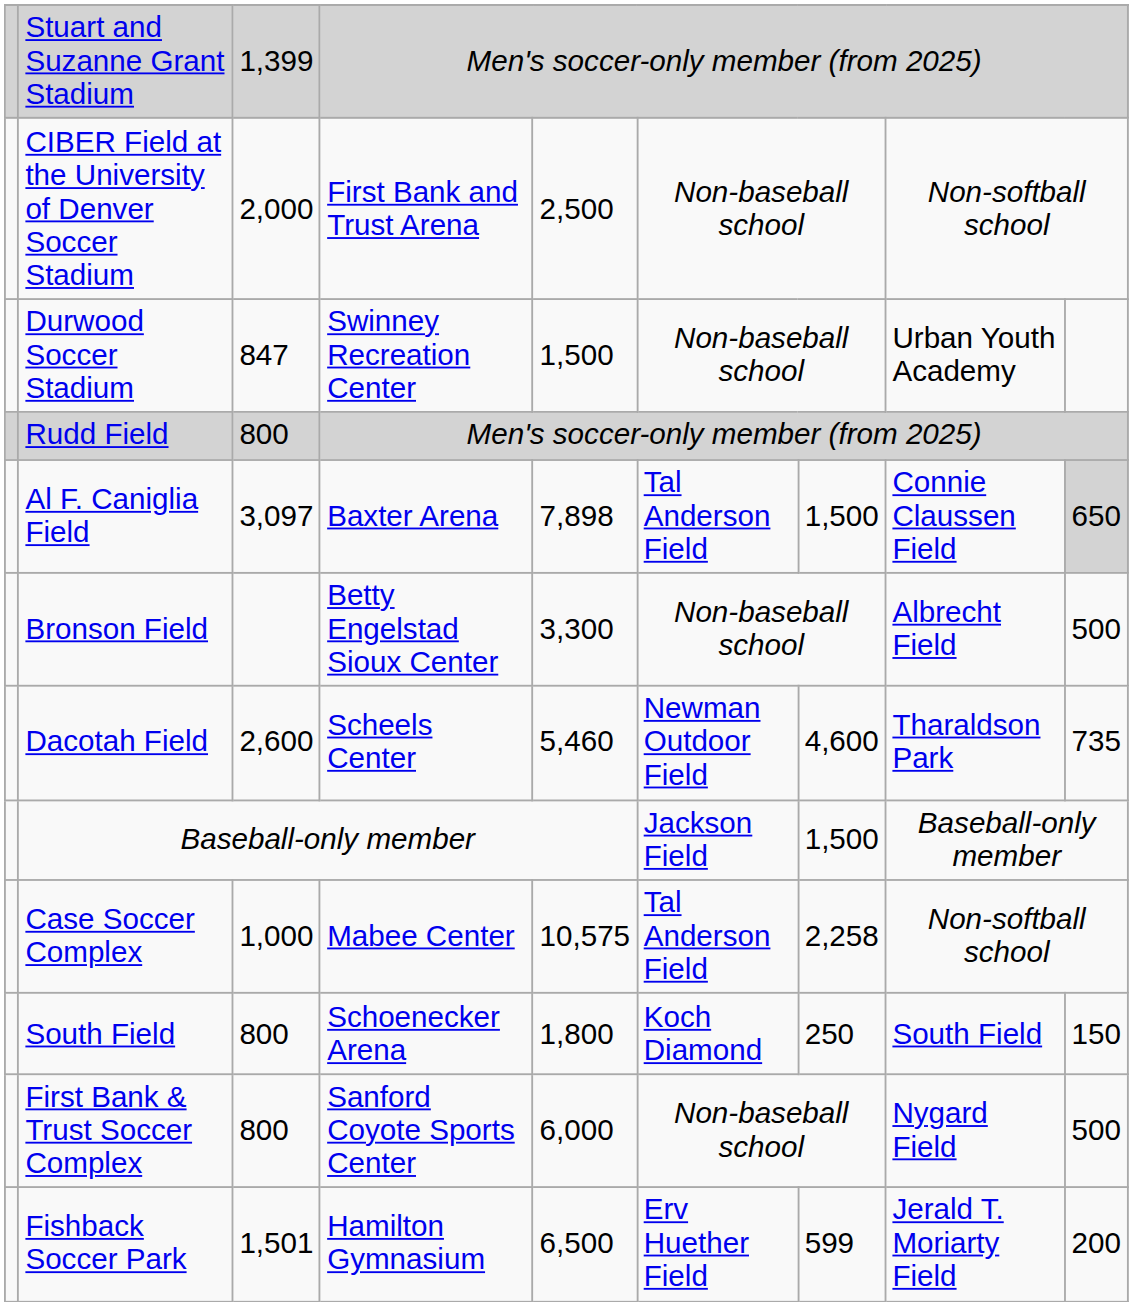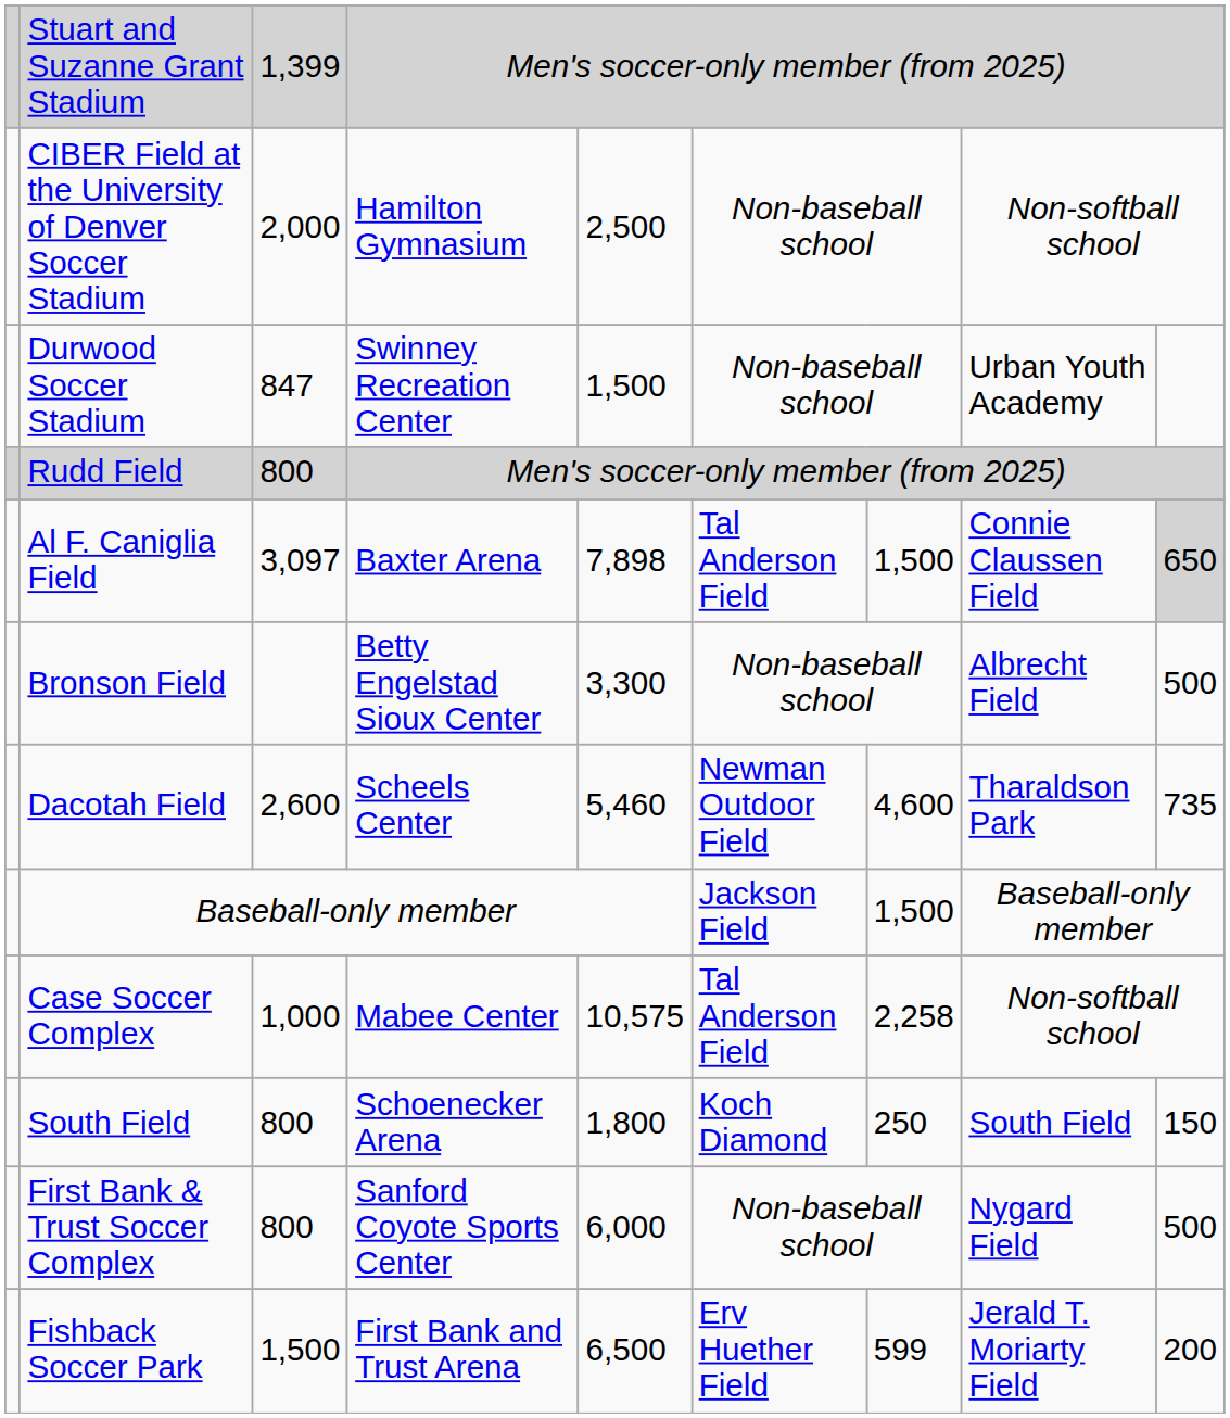 <table class="wikitable sortable">
 <tr>
 </tr>
 <tr bgcolor=lightgray>
 <td style="text-align:center; "><a href='#'></a></td>
 <td><a href='#'>Stuart and Suzanne Grant Stadium</a></td>
 <td>1,399</td>
 <td colspan=6 align=center><em>Men's soccer-only member (from 2025)</em></td>
 </tr>
 <tr>
 <td style="text-align:center; "><a href='#'></a></td>
 <td><a href='#'>CIBER Field at the University of Denver Soccer Stadium</a></td>
 <td>2,000</td>
-<td><a href='#'>First Bank and Trust Arena</a> </td>
+<td><a href='#'>Hamilton Gymnasium</a></td>
 <td>2,500</td>
 <td colspan="2" style="text-align:center;"><em>Non-baseball school</em></td>
 <td colspan="2" style="text-align:center;"><em>Non-softball school</em></td>
 </tr>
 <tr>
 <td style="text-align:center; "><a href='#'></a></td>
 <td><a href='#'>Durwood Soccer Stadium</a></td>
 <td>847</td>
 <td><a href='#'>Swinney Recreation Center</a></td>
 <td>1,500</td>
 <td colspan="2" style="text-align:center;"><em>Non-baseball school</em></td>
 <td>Urban Youth Academy</td>
 <td></td>
 </tr>
 <tr bgcolor=lightgray>
 <td style="text-align:center; "><a href='#'></a></td>
 <td><a href='#'>Rudd Field</a></td>
 <td>800</td>
 <td colspan=6 align=center><em>Men's soccer-only member (from 2025)</em></td>
 </tr>
 <tr>
 <td style="text-align:center; "><a href='#'></a></td>
 <td><a href='#'>Al F. Caniglia Field</a></td>
 <td>3,097</td>
 <td><a href='#'>Baxter Arena</a></td>
 <td>7,898</td>
 <td><a href='#'>Tal Anderson Field</a></td>
 <td>1,500</td>
 <td><a href='#'>Connie Claussen Field</a></td>
 <td style="background: lightgrey;">650</td>
 </tr>
 <tr>
 <td style="text-align:center; "><a href='#'></a></td>
 <td><a href='#'>Bronson Field</a></td>
 <td></td>
 <td><a href='#'>Betty Engelstad Sioux Center</a></td>
 <td>3,300</td>
 <td colspan="2" style="text-align:center;"><em>Non-baseball school</em></td>
 <td><a href='#'>Albrecht Field</a></td>
 <td>500</td>
 </tr>
 <tr>
 <td style="text-align:center; "><a href='#'></a></td>
 <td><a href='#'>Dacotah Field</a></td>
 <td>2,600</td>
 <td><a href='#'>Scheels Center</a></td>
 <td>5,460</td>
 <td><a href='#'>Newman Outdoor Field</a></td>
 <td>4,600</td>
 <td><a href='#'>Tharaldson Park</a></td>
 <td>735</td>
 </tr>
 <tr>
 <td style="text-align:center; "><a href='#'></a></td>
 <td colspan=4 align=center><em>Baseball-only member</em></td>
 <td><a href='#'>Jackson Field</a></td>
 <td>1,500</td>
 <td colspan=2 align=center><em>Baseball-only member</em></td>
 </tr>
 <tr>
 <td style="text-align:center; "><a href='#'></a></td>
 <td><a href='#'>Case Soccer Complex</a></td>
 <td>1,000</td>
 <td><a href='#'>Mabee Center</a></td>
 <td>10,575</td>
 <td><a href='#'>Tal Anderson Field</a></td>
 <td>2,258</td>
 <td colspan="2" style="text-align:center;"><em>Non-softball school</em></td>
 </tr>
 <tr>
 <td style="text-align:center; "><a href='#'></a></td>
 <td><a href='#'>South Field</a></td>
 <td>800</td>
 <td><a href='#'>Schoenecker Arena</a></td>
 <td>1,800</td>
 <td><a href='#'>Koch Diamond</a></td>
 <td>250</td>
 <td><a href='#'>South Field</a></td>
 <td>150</td>
 </tr>
 <tr>
 <td style="text-align:center; "><a href='#'></a></td>
 <td><a href='#'>First Bank & Trust Soccer Complex</a></td>
 <td>800</td>
 <td><a href='#'>Sanford Coyote Sports Center</a></td>
 <td>6,000</td>
 <td colspan="2" style="text-align:center;"><em>Non-baseball school</em></td>
 <td><a href='#'>Nygard Field</a></td>
 <td>500</td>
 </tr>
 <tr>
 <td style="text-align:center; "><a href='#'></a></td>
 <td><a href='#'>Fishback Soccer Park</a></td>
-<td>1,501</td>
-<td><a href='#'>Hamilton Gymnasium</a></td>
+<td>1,500</td>
+<td><a href='#'>First Bank and Trust Arena</a> </td>
 <td>6,500</td>
 <td><a href='#'>Erv Huether Field</a></td>
 <td>599</td>
 <td><a href='#'>Jerald T. Moriarty Field</a> </td>
 <td>200</td>
 </tr>
 </table>
